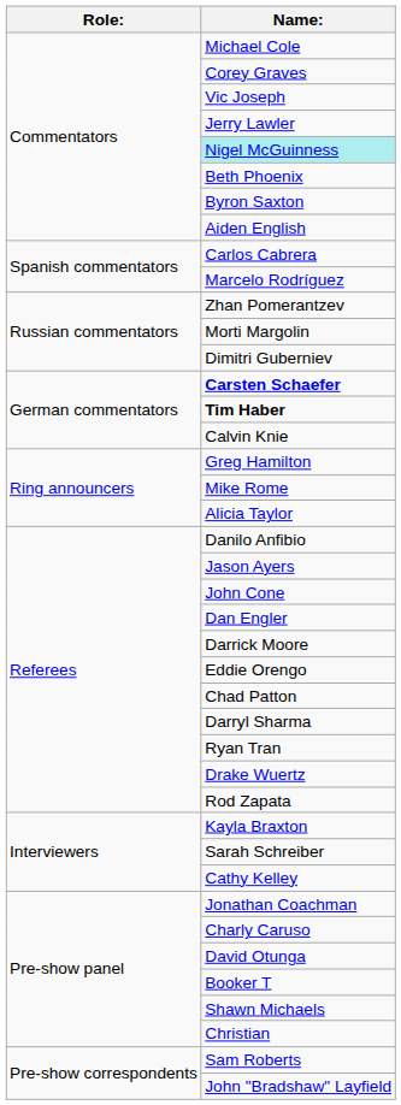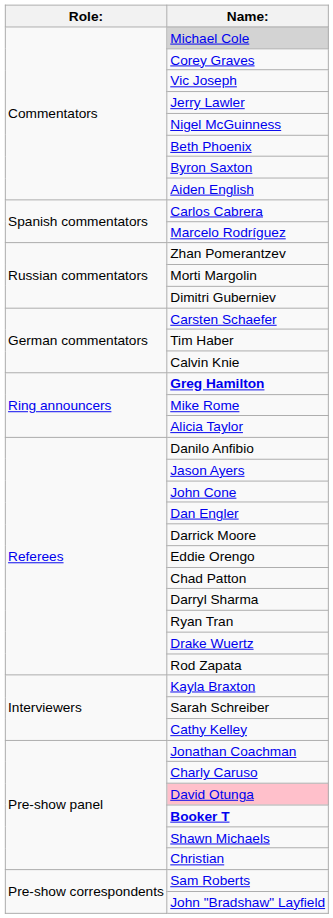 <table class=wikitable style="font-size:90%; margin: 0.5em 0 0.5em 1em; float: right; clear: right;">
 <tr>
 <th>Role:</th>
 <th>Name:</th>
 </tr>
 <tr>
 <td rowspan=8>Commentators</td>
-<td><a href='#'>Michael Cole</a> </td>
+<td style="background: lightgrey;"><a href='#'>Michael Cole</a> </td>
 </tr>
 <tr>
 <td><a href='#'>Corey Graves</a> </td>
 </tr>
 <tr>
 <td><a href='#'>Vic Joseph</a> </td>
 </tr>
 <tr>
 <td><a href='#'>Jerry Lawler</a> </td>
 </tr>
 <tr>
-<td style="background: paleturquoise;"><a href='#'>Nigel McGuinness</a> </td>
+<td><a href='#'>Nigel McGuinness</a> </td>
 </tr>
 <tr>
 <td><a href='#'>Beth Phoenix</a> </td>
 </tr>
 <tr>
 <td><a href='#'>Byron Saxton</a> </td>
 </tr>
 <tr>
 <td><a href='#'>Aiden English</a> </td>
 </tr>
 <tr>
 <td rowspan=2>Spanish commentators</td>
 <td><a href='#'>Carlos Cabrera</a></td>
 </tr>
 <tr>
 <td><a href='#'>Marcelo Rodríguez</a></td>
 </tr>
 <tr>
 <td rowspan=3>Russian commentators</td>
 <td>Zhan Pomerantzev</td>
 </tr>
 <tr>
 <td>Morti Margolin</td>
 </tr>
 <tr>
 <td>Dimitri Guberniev</td>
 </tr>
 <tr>
 <td rowspan=3>German commentators</td>
-<td><strong><a href='#'>Carsten Schaefer</a></strong></td>
+<td><a href='#'>Carsten Schaefer</a></td>
 </tr>
 <tr>
-<td><strong>Tim Haber</strong></td>
+<td>Tim Haber</td>
 </tr>
 <tr>
 <td>Calvin Knie</td>
 </tr>
 <tr>
 <td rowspan=3><a href='#'>Ring announcers</a></td>
-<td><a href='#'>Greg Hamilton</a> </td>
+<td><strong><a href='#'>Greg Hamilton</a> </strong></td>
 </tr>
 <tr>
 <td><a href='#'>Mike Rome</a> </td>
 </tr>
 <tr>
 <td><a href='#'>Alicia Taylor</a> </td>
 </tr>
 <tr>
 <td rowspan=11><a href='#'>Referees</a></td>
 <td>Danilo Anfibio</td>
 </tr>
 <tr>
 <td><a href='#'>Jason Ayers</a></td>
 </tr>
 <tr>
 <td><a href='#'>John Cone</a></td>
 </tr>
 <tr>
 <td><a href='#'>Dan Engler</a></td>
 </tr>
 <tr>
 <td>Darrick Moore</td>
 </tr>
 <tr>
 <td>Eddie Orengo</td>
 </tr>
 <tr>
 <td>Chad Patton</td>
 </tr>
 <tr>
 <td>Darryl Sharma</td>
 </tr>
 <tr>
 <td>Ryan Tran</td>
 </tr>
 <tr>
 <td><a href='#'>Drake Wuertz</a></td>
 </tr>
 <tr>
 <td>Rod Zapata</td>
 </tr>
 <tr>
 <td rowspan=3>Interviewers</td>
 <td><a href='#'>Kayla Braxton</a></td>
 </tr>
 <tr>
 <td>Sarah Schreiber</td>
 </tr>
 <tr>
 <td><a href='#'>Cathy Kelley</a></td>
 </tr>
 <tr>
 <td rowspan=6>Pre-show panel</td>
 <td><a href='#'>Jonathan Coachman</a></td>
 </tr>
 <tr>
 <td><a href='#'>Charly Caruso</a></td>
 </tr>
 <tr>
-<td><a href='#'>David Otunga</a></td>
+<td style="background: pink;"><a href='#'>David Otunga</a></td>
 </tr>
 <tr>
-<td><a href='#'>Booker T</a></td>
+<td><strong><a href='#'>Booker T</a></strong></td>
 </tr>
 <tr>
 <td><a href='#'>Shawn Michaels</a></td>
 </tr>
 <tr>
 <td><a href='#'>Christian</a></td>
 </tr>
 <tr>
 <td rowspan=2>Pre-show correspondents</td>
 <td><a href='#'>Sam Roberts</a></td>
 </tr>
 <tr>
 <td><a href='#'>John "Bradshaw" Layfield</a></td>
 </tr>
 </table>
